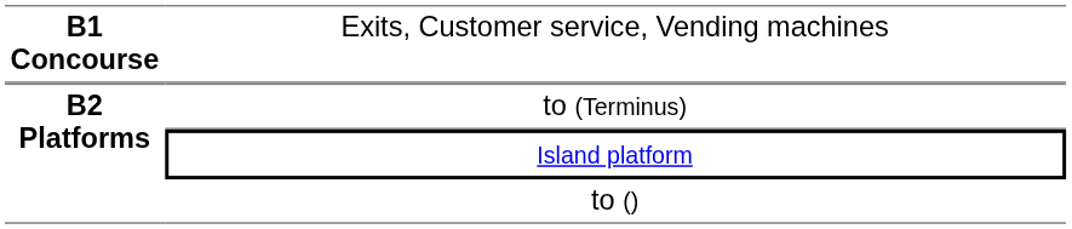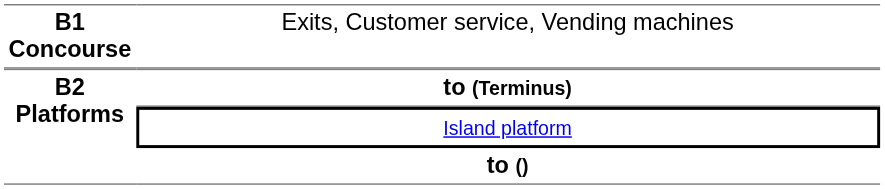 <table table border=0 cellspacing=0 cellpadding=3>
 <tr>
 <td style="border-bottom:solid 1px gray; border-top:solid 1px gray;text-align:center" valign=top width=50><strong>B1<br>Concourse</strong></td>
 <td style="border-bottom:solid 1px gray; border-top:solid 1px gray;text-align:center;" valign=top width=500>Exits, Customer service, Vending machines</td>
 </tr>
 <tr>
 <td style="border-bottom:solid 1px gray; border-top:solid 1px gray;text-align:center" rowspan="3" valign=top><strong>B2<br>Platforms</strong></td>
-<td style="border-bottom:solid 1px gray; border-top:solid 1px gray;text-align:center;">  to  <small>(Terminus)</small></td>
+<td style="border-bottom:solid 1px gray; border-top:solid 1px gray;text-align:center;"><strong>  to  <small>(Terminus)</small></strong></td>
 </tr>
 <tr>
 <td style="border-right:solid 2px black;border-left:solid 2px black;border-top:solid 2px black;border-bottom:solid 2px black;text-align:center;" colspan=2><small><a href='#'>Island platform</a></small></td>
 </tr>
 <tr>
-<td style="border-bottom:solid 1px gray;text-align:center;"> to  <small>()</small> </td>
+<td style="border-bottom:solid 1px gray;text-align:center;"><strong> to  <small>()</small> </strong></td>
 </tr>
 </table>
